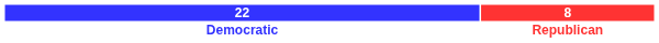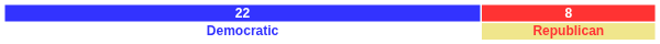 <table style="width:50%">
 <tr>
 <td scope="row" colspan="3" style="text-align:center"></td>
 </tr>
 <tr>
 <td scope="row" style="background:#33F; width:73.3%; text-align:center; color:white"><strong>22</strong></td>
 <td style="background:#F33; width:26.7%; text-align:center; color:white"><strong>8</strong></td>
 </tr>
 <tr>
 <td scope="row" style="text-align:center; color:#33F"><strong>Democratic</strong></td>
-<td style="text-align:center; color:#F33"><strong>Republican</strong></td>
+<td style="background: khaki; text-align:center; color:#F33"><strong>Republican</strong></td>
 </tr>
 </table>
